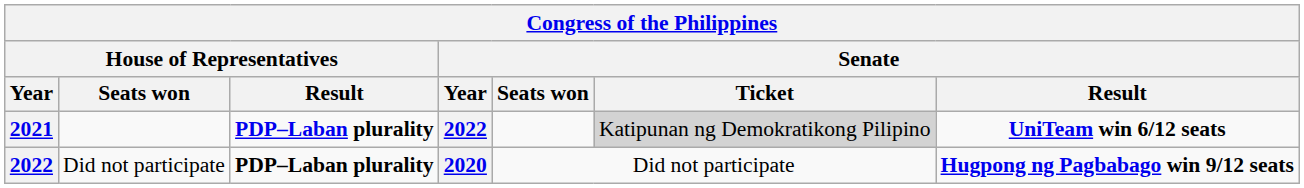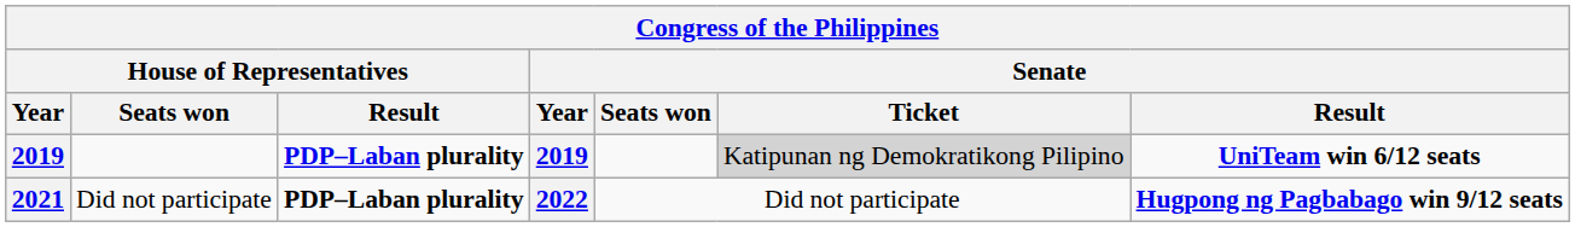 <table class="wikitable" style="text-align:center; font-size:90%">
 <tr>
 <th colspan=7><a href='#'>Congress of the Philippines</a></th>
 </tr>
 <tr>
 <th colspan="3">House of Representatives</th>
 <th colspan="4">Senate</th>
 </tr>
 <tr>
 <th>Year</th>
 <th>Seats won</th>
 <th>Result</th>
 <th>Year</th>
 <th>Seats won</th>
 <th>Ticket</th>
 <th>Result</th>
 </tr>
 <tr>
-<th><a href='#'>2021</a></th>
+<th><a href='#'>2019</a></th>
 <td></td>
 <td><strong><a href='#'>PDP–Laban</a> plurality</strong></td>
-<th><a href='#'>2022</a></th>
+<th><a href='#'>2019</a></th>
 <td></td>
 <td style="background: lightgrey;">Katipunan ng Demokratikong Pilipino</td>
 <td><strong><a href='#'>UniTeam</a> win 6/12 seats</strong></td>
 </tr>
 <tr>
-<th><a href='#'>2022</a></th>
+<th><a href='#'>2021</a></th>
 <td>Did not participate</td>
 <td><strong>PDP–Laban plurality</strong></td>
-<th><a href='#'>2020</a></th>
+<th><a href='#'>2022</a></th>
 <td colspan=2>Did not participate</td>
 <td><strong><a href='#'>Hugpong ng Pagbabago</a> win 9/12 seats</strong></td>
 </tr>
 </table>
